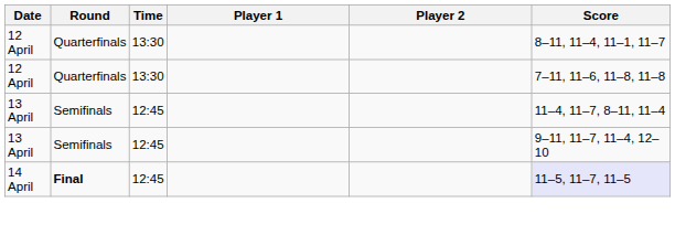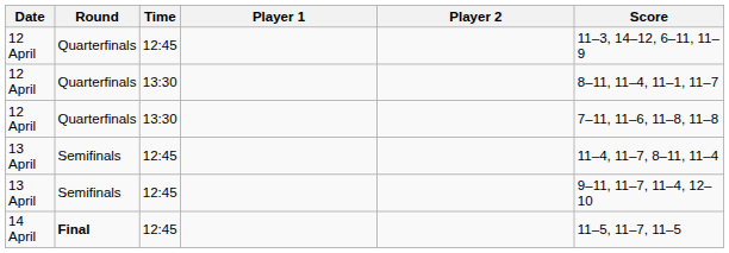 <table class="sortable wikitable" style="font-size:90%">
 <tr>
 <th width="45" class="unsortable">Date</th>
 <th width="55">Round</th>
 <th width="30">Time</th>
 <th width="200">Player 1</th>
 <th width="200">Player 2</th>
 <th width="150" class="unsortable">Score</th>
+</tr>
+<tr>
+<td>12 April</td>
+<td>Quarterfinals</td>
+<td>12:45</td>
+<td><strong></strong></td>
+<td></td>
+<td>11–3, 14–12, 6–11, 11–9</td>
 </tr>
 <tr>
 <td>12 April</td>
 <td>Quarterfinals</td>
 <td>13:30</td>
 <td><strong></strong></td>
 <td></td>
 <td>8–11, 11–4, 11–1, 11–7</td>
 </tr>
 <tr>
 <td>12 April</td>
 <td>Quarterfinals</td>
 <td>13:30</td>
 <td></td>
 <td><strong></strong></td>
 <td>7–11, 11–6, 11–8, 11–8</td>
 </tr>
 <tr>
 <td>13 April</td>
 <td>Semifinals</td>
 <td>12:45</td>
 <td><strong></strong></td>
 <td></td>
 <td>11–4, 11–7, 8–11, 11–4</td>
 </tr>
 <tr>
 <td>13 April</td>
 <td>Semifinals</td>
 <td>12:45</td>
 <td></td>
 <td><strong></strong></td>
 <td>9–11, 11–7, 11–4, 12–10</td>
 </tr>
 <tr>
 <td>14 April</td>
 <td><strong>Final</strong></td>
 <td>12:45</td>
 <td></td>
 <td><strong></strong></td>
-<td style="background: lavender;">11–5, 11–7, 11–5</td>
+<td>11–5, 11–7, 11–5</td>
 </tr>
 </table>
